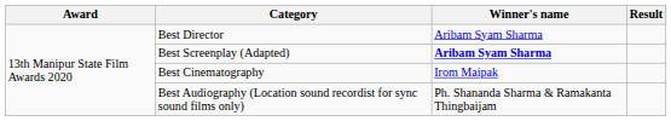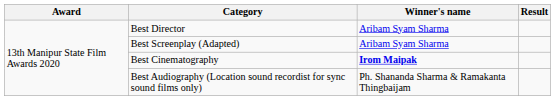 <table class="wikitable sortable">
 <tr>
 <th>Award</th>
 <th>Category</th>
 <th>Winner's name</th>
 <th>Result</th>
 </tr>
 <tr>
 <td rowspan="4">13th Manipur State Film Awards 2020</td>
 <td>Best Director</td>
 <td><a href='#'>Aribam Syam Sharma</a></td>
 <td></td>
 </tr>
 <tr>
 <td>Best Screenplay (Adapted)</td>
-<td><strong><a href='#'>Aribam Syam Sharma</a></strong></td>
+<td><a href='#'>Aribam Syam Sharma</a></td>
 <td></td>
 </tr>
 <tr>
 <td>Best Cinematography</td>
-<td><a href='#'>Irom Maipak</a></td>
+<td><strong><a href='#'>Irom Maipak</a></strong></td>
 <td></td>
 </tr>
 <tr>
 <td>Best Audiography (Location sound recordist for sync sound films only)</td>
 <td>Ph. Shananda Sharma & Ramakanta Thingbaijam</td>
 <td></td>
 </tr>
 </table>
